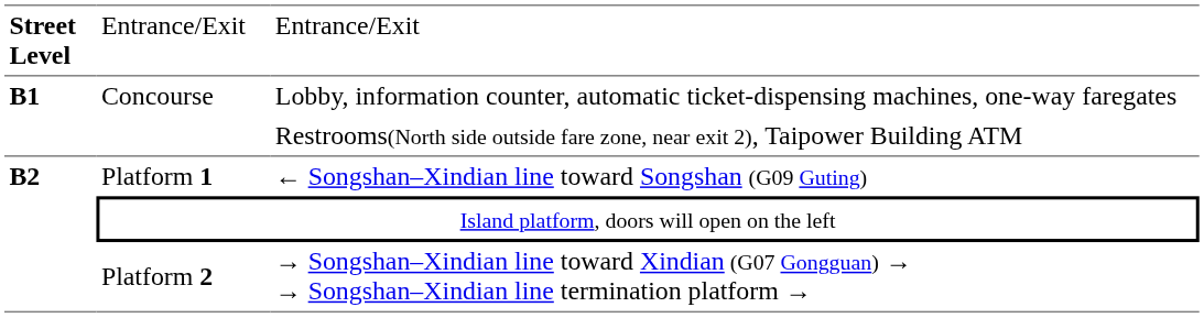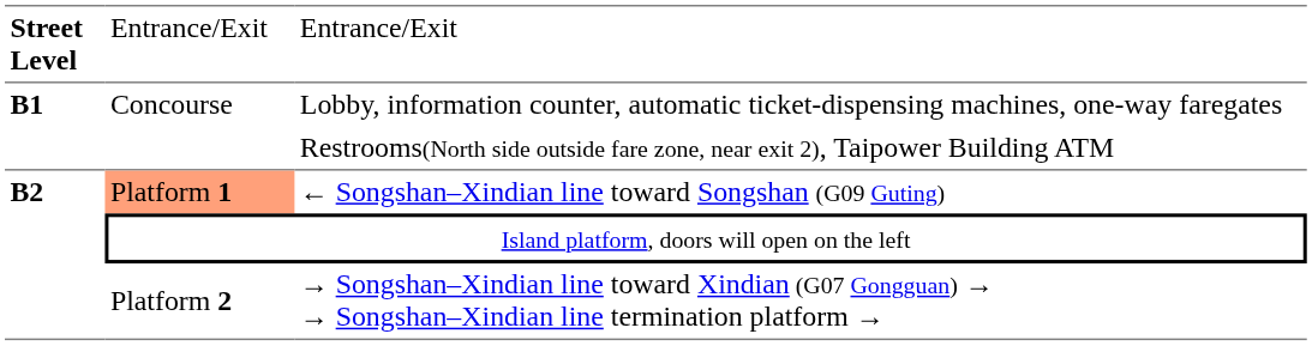 <table table border=0 cellspacing=0 cellpadding=3>
 <tr>
 <td style="border-bottom:solid 1px gray;border-top:solid 1px gray;" width=50 valign=top><strong>Street Level</strong></td>
 <td style="border-top:solid 1px gray;border-bottom:solid 1px gray;" width=100 valign=top>Entrance/Exit</td>
 <td style="border-top:solid 1px gray;border-bottom:solid 1px gray;" width=560 valign=top>Entrance/Exit</td>
 </tr>
 <tr>
 <td style="border-bottom:solid 1px gray;" rowspan=2 valign=top><strong>B1</strong></td>
 <td style="border-bottom:solid 1px gray;" rowspan=2 valign=top>Concourse</td>
 <td width=390>Lobby, information counter, automatic ticket-dispensing machines, one-way faregates</td>
 </tr>
 <tr>
 <td style="border-bottom:solid 1px gray;">Restrooms<small>(North side outside fare zone, near exit 2)</small>, Taipower Building ATM</td>
 </tr>
 <tr>
 <td style="border-bottom:solid 1px gray;" rowspan=3 valign=top><strong>B2</strong></td>
-<td>Platform <span><strong>1</strong></span></td>
+<td style="background: lightsalmon;">Platform <span><strong>1</strong></span></td>
 <td>←  <a href='#'>Songshan–Xindian line</a> toward <a href='#'>Songshan</a> <small>(G09 <a href='#'>Guting</a>)</small></td>
 </tr>
 <tr>
 <td style="border-top:solid 2px black;border-right:solid 2px black;border-left:solid 2px black;border-bottom:solid 2px black;text-align:center;" colspan=2><small><a href='#'>Island platform</a>, doors will open on the left</small></td>
 </tr>
 <tr>
 <td style="border-bottom:solid 1px gray;">Platform <span><strong>2</strong></span></td>
 <td style="border-bottom:solid 1px gray;"><span>→</span>  <a href='#'>Songshan–Xindian line</a> toward <a href='#'>Xindian</a><small> (G07 <a href='#'>Gongguan</a>)</small> →<br><span>→</span>  <a href='#'>Songshan–Xindian line</a> termination platform →</td>
 </tr>
 </table>
